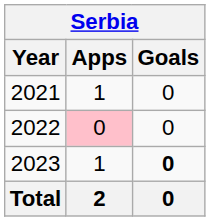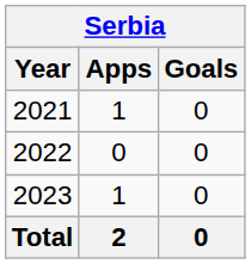 <table class="wikitable" style="text-align:center">
 <tr>
 <th colspan=3><a href='#'>Serbia</a></th>
 </tr>
 <tr>
 <th>Year</th>
 <th>Apps</th>
 <th>Goals</th>
 </tr>
 <tr>
 <td>2021</td>
 <td>1</td>
 <td>0</td>
 </tr>
 <tr>
 <td>2022</td>
-<td style="background: pink;">0</td>
+<td>0</td>
 <td>0</td>
 </tr>
 <tr>
 <td>2023</td>
 <td>1</td>
-<td><strong>0</strong></td>
+<td>0</td>
 </tr>
 <tr>
 <th>Total</th>
 <th>2</th>
 <th>0</th>
 </tr>
 </table>
